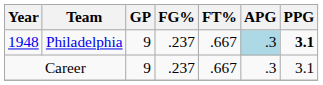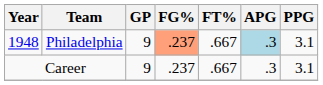 <table class="wikitable sortable" style="font-size:95%; text-align:right;">
 <tr>
 <th>Year</th>
 <th>Team</th>
 <th>GP</th>
 <th>FG%</th>
 <th>FT%</th>
 <th>APG</th>
 <th>PPG</th>
 </tr>
 <tr>
 <td style="text-align:left;"><a href='#'>1948</a></td>
 <td style="text-align:left;"><a href='#'>Philadelphia</a></td>
 <td>9</td>
-<td>.237</td>
+<td style="background: lightsalmon;">.237</td>
 <td>.667</td>
 <td style="background: lightblue;">.3</td>
-<td><strong>3.1</strong></td>
+<td>3.1</td>
 </tr>
 <tr>
 <td style="text-align:center;" colspan="2">Career</td>
 <td>9</td>
 <td>.237</td>
 <td>.667</td>
 <td>.3</td>
 <td>3.1</td>
 </tr>
 <tr>
 </tr>
 </table>
